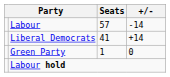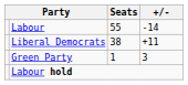 <table class="wikitable">
 <tr>
 <th colspan="2">Party</th>
 <th>Seats</th>
 <th>  +/-  </th>
 </tr>
 <tr>
 <td style="background-color: "></td>
 <td><a href='#'>Labour</a></td>
-<td>57</td>
+<td>55</td>
 <td>-14</td>
 </tr>
 <tr>
 <td style="background-color: "></td>
 <td><a href='#'>Liberal Democrats</a></td>
-<td>41</td>
-<td>+14</td>
+<td>38</td>
+<td>+11</td>
 </tr>
 <tr>
 <td style="background-color: "></td>
 <td><a href='#'>Green Party</a></td>
 <td>1</td>
-<td>0</td>
+<td>3</td>
 </tr>
 <tr>
 <td style="background-color: "></td>
 <td colspan="3"><a href='#'>Labour</a> <strong>hold</strong></td>
 </tr>
 </table>
